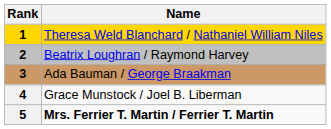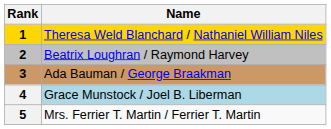 <table class="wikitable">
 <tr>
 <th>Rank</th>
 <th>Name</th>
 </tr>
 <tr bgcolor="gold">
 <td align="center"><strong>1</strong></td>
 <td><a href='#'>Theresa Weld Blanchard</a> / <a href='#'>Nathaniel William Niles</a></td>
 </tr>
 <tr bgcolor="silver">
 <td align="center"><strong>2</strong></td>
 <td><a href='#'>Beatrix Loughran</a> / Raymond Harvey</td>
 </tr>
 <tr bgcolor="cc9966">
 <td align="center"><strong>3</strong></td>
 <td>Ada Bauman / <a href='#'>George Braakman</a></td>
 </tr>
 <tr>
 <th>4</th>
-<td>Grace Munstock / Joel B. Liberman</td>
+<td style="background: lightblue;">Grace Munstock / Joel B. Liberman</td>
 </tr>
 <tr>
 <th>5</th>
-<td><strong>Mrs. Ferrier T. Martin / Ferrier T. Martin</strong></td>
+<td>Mrs. Ferrier T. Martin / Ferrier T. Martin</td>
 </tr>
 </table>
